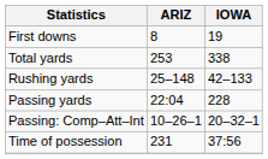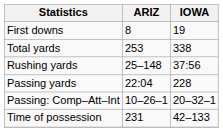 <table class="wikitable" style="float: left;">
 <tr>
 <th>Statistics</th>
 <th>ARIZ</th>
 <th>IOWA</th>
 </tr>
 <tr>
 <td>First downs</td>
 <td>8</td>
 <td>19</td>
 </tr>
 <tr>
 <td>Total yards</td>
 <td>253</td>
 <td>338</td>
 </tr>
 <tr>
 <td>Rushing yards</td>
 <td>25–148</td>
-<td>42–133</td>
+<td>37:56</td>
 </tr>
 <tr>
 <td>Passing yards</td>
 <td>22:04</td>
 <td>228</td>
 </tr>
 <tr>
 <td>Passing: Comp–Att–Int</td>
 <td>10–26–1</td>
 <td>20–32–1</td>
 </tr>
 <tr>
 <td>Time of possession</td>
 <td>231</td>
-<td>37:56</td>
+<td>42–133</td>
 </tr>
 <tr>
 </tr>
 </table>
